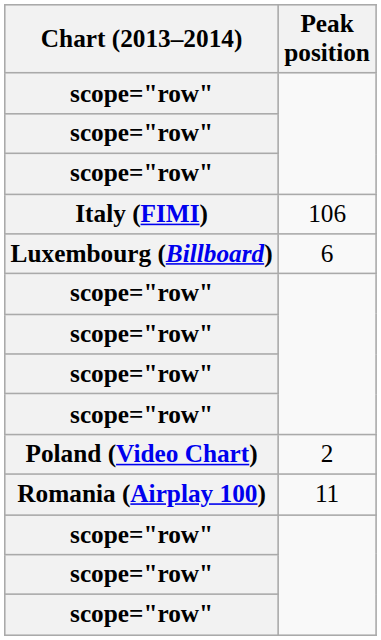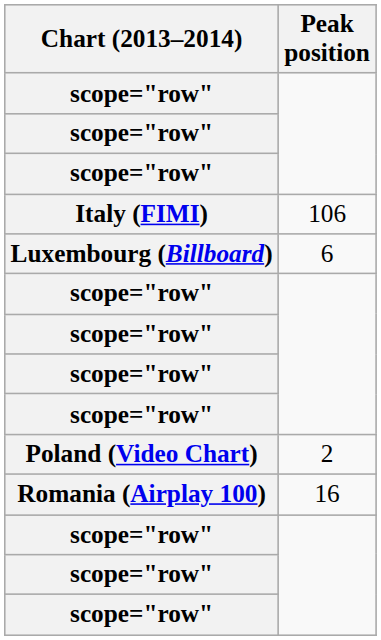 <table class="wikitable sortable plainrowheaders">
 <tr>
 <th scope="col">Chart (2013–2014)</th>
 <th scope="col">Peak<br>position</th>
 </tr>
 <tr>
 <th>scope="row" </th>
 </tr>
 <tr>
 <th>scope="row" </th>
 </tr>
 <tr>
 <th>scope="row" </th>
 </tr>
 <tr>
 <th scope="row">Italy (<a href='#'>FIMI</a>)</th>
 <td align=center>106</td>
 </tr>
 <tr>
 <th scope="row">Luxembourg (<em><a href='#'>Billboard</a></em>)</th>
 <td align=center>6</td>
 </tr>
 <tr>
 <th>scope="row" </th>
 </tr>
 <tr>
 <th>scope="row" </th>
 </tr>
 <tr>
 <th>scope="row" </th>
 </tr>
 <tr>
 <th>scope="row" </th>
 </tr>
 <tr>
 <th scope="row">Poland (<a href='#'>Video Chart</a>)</th>
 <td align=center>2</td>
 </tr>
 <tr>
 <th scope="row">Romania (<a href='#'>Airplay 100</a>)</th>
-<td style="text-align:center;">11</td>
+<td style="text-align:center;">16</td>
 </tr>
 <tr>
 <th>scope="row" </th>
 </tr>
 <tr>
 <th>scope="row" </th>
 </tr>
 <tr>
 <th>scope="row" </th>
 </tr>
 </table>
